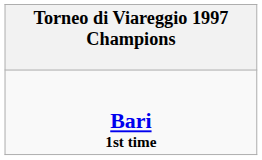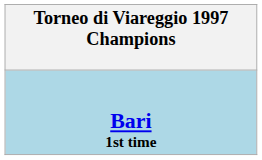 <table class="wikitable" style="margin: 0 auto; width: 30%;">
 <tr>
 <th><big>Torneo di Viareggio 1997 Champions</big><br><br></th>
 </tr>
 <tr>
-<td align=center><br><br><big><big><strong><a href='#'>Bari</a></strong><br></big></big><strong>1st time</strong></td>
+<td align=center style="background: lightblue;"><br><br><big><big><strong><a href='#'>Bari</a></strong><br></big></big><strong>1st time</strong></td>
 </tr>
 </table>
